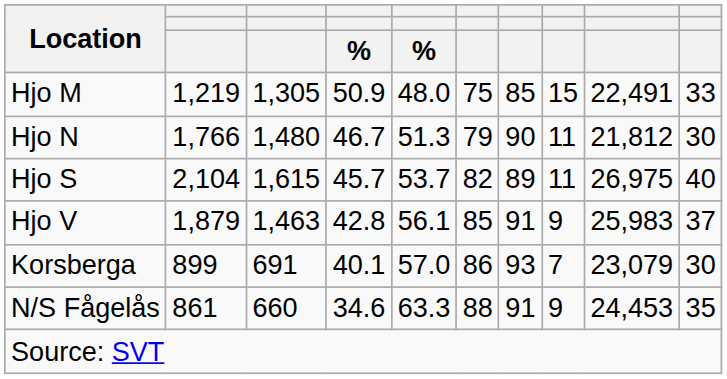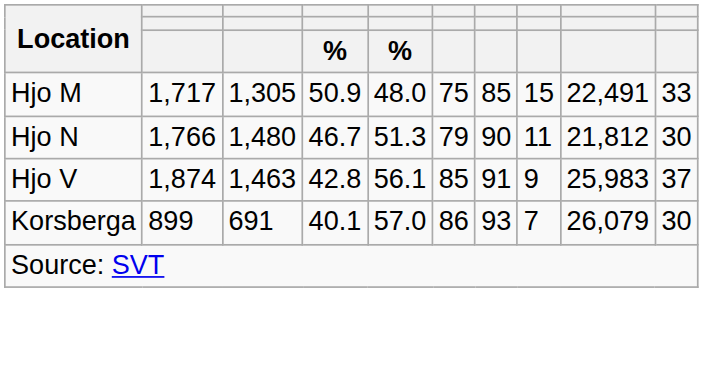 <table role="presentation" class="wikitable sortable mw-collapsible">
 <tr>
 <th rowspan="3">Location</th>
 <th></th>
 <th></th>
 <th></th>
 <th></th>
 <th></th>
 <th></th>
 <th></th>
 <th></th>
 <th></th>
 </tr>
 <tr>
 <th></th>
 <th></th>
 <th style="background:"></th>
 <th style="background:"></th>
 <th></th>
 <th></th>
 <th></th>
 <th></th>
 <th></th>
 </tr>
 <tr>
 <th data-sort-type="number"></th>
 <th data-sort-type="number"></th>
 <th data-sort-type="number">%</th>
 <th data-sort-type="number">%</th>
 <th data-sort-type="number"></th>
 <th data-sort-type="number"></th>
 <th data-sort-type="number"></th>
 <th data-sort-type="number"></th>
 <th data-sort-type="number"></th>
 </tr>
 <tr>
 <td align="left">Hjo M</td>
-<td>1,219</td>
+<td>1,717</td>
 <td>1,305</td>
 <td>50.9</td>
 <td>48.0</td>
 <td>75</td>
 <td>85</td>
 <td>15</td>
 <td>22,491</td>
 <td>33</td>
 </tr>
 <tr>
 <td align="left">Hjo N</td>
 <td>1,766</td>
 <td>1,480</td>
 <td>46.7</td>
 <td>51.3</td>
 <td>79</td>
 <td>90</td>
 <td>11</td>
 <td>21,812</td>
 <td>30</td>
 </tr>
 <tr>
-<td align="left">Hjo S</td>
-<td>2,104</td>
-<td>1,615</td>
-<td>45.7</td>
-<td>53.7</td>
-<td>82</td>
-<td>89</td>
-<td>11</td>
-<td>26,975</td>
-<td>40</td>
-</tr>
-<tr>
 <td align="left">Hjo V</td>
-<td>1,879</td>
+<td>1,874</td>
 <td>1,463</td>
 <td>42.8</td>
 <td>56.1</td>
 <td>85</td>
 <td>91</td>
 <td>9</td>
 <td>25,983</td>
 <td>37</td>
 </tr>
 <tr>
 <td align="left">Korsberga</td>
 <td>899</td>
 <td>691</td>
 <td>40.1</td>
 <td>57.0</td>
 <td>86</td>
 <td>93</td>
 <td>7</td>
-<td>23,079</td>
+<td>26,079</td>
 <td>30</td>
-</tr>
-<tr>
-<td align="left">N/S Fågelås</td>
-<td>861</td>
-<td>660</td>
-<td>34.6</td>
-<td>63.3</td>
-<td>88</td>
-<td>91</td>
-<td>9</td>
-<td>24,453</td>
-<td>35</td>
 </tr>
 <tr>
 <td colspan="10" align="left">Source: <a href='#'>SVT</a></td>
 </tr>
 </table>
